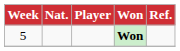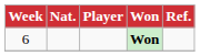 <table class="wikitable sortable">
 <tr>
 <th style="background:#d02e35; color:#fff;">Week</th>
 <th style="background:#d02e35; color:#fff;">Nat.</th>
 <th style="background:#d02e35; color:#fff;">Player</th>
 <th style="background:#d02e35; color:#fff;">Won</th>
 <th style="background:#d02e35; color:#fff;">Ref.</th>
 </tr>
 <tr>
-<td align=center>5</td>
+<td align=center>6</td>
 <td></td>
 <td></td>
 <td style="background:#cec;"><strong>Won</strong></td>
 <td></td>
 </tr>
 <tr>
 </tr>
 </table>
